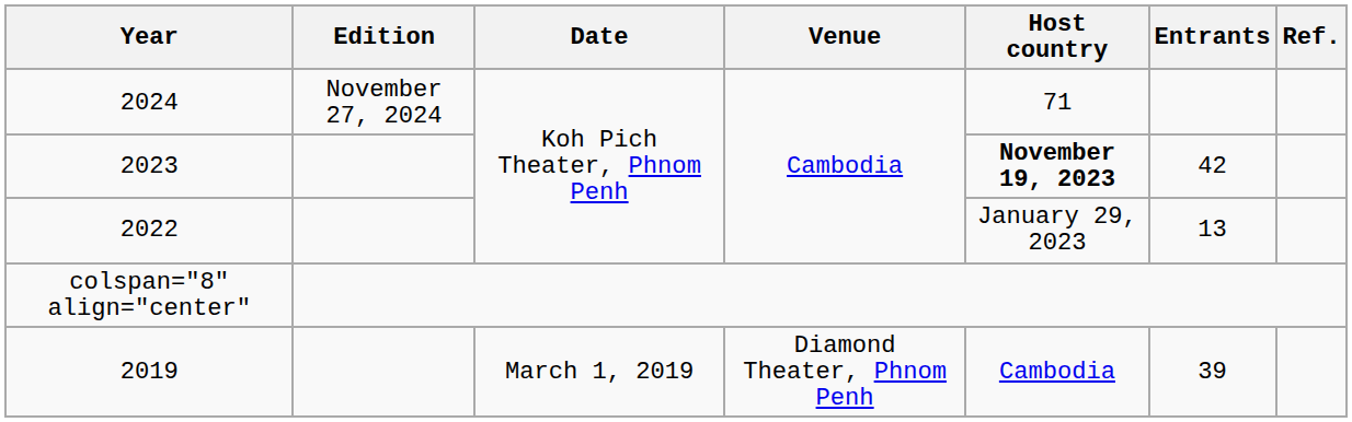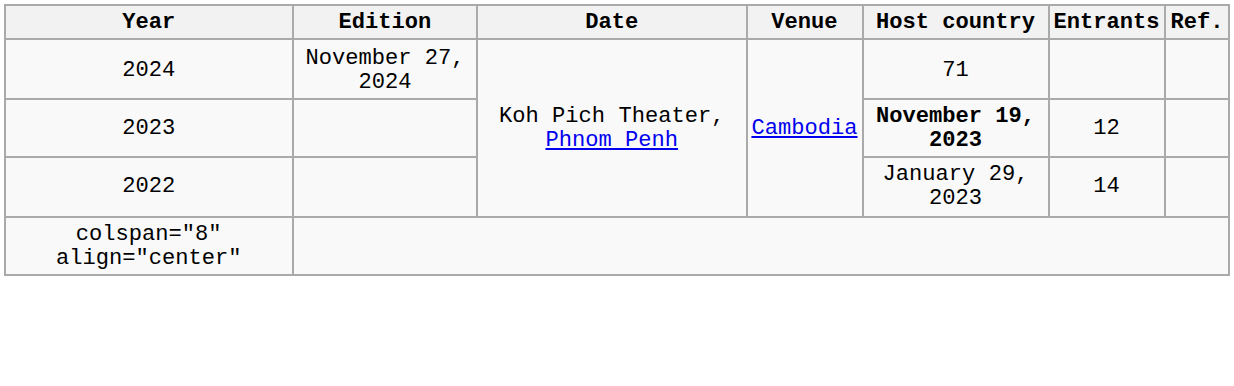 <table class="wikitable sortable" style="font-size: 85%; text-align:center;">
 <tr>
 <th>Year</th>
 <th>Edition</th>
 <th>Date</th>
 <th>Venue</th>
 <th>Host country</th>
 <th>Entrants</th>
 <th>Ref.</th>
 </tr>
 <tr>
 <td>2024</td>
 <td>November 27, 2024</td>
 <td rowspan="3">Koh Pich Theater, <a href='#'>Phnom Penh</a></td>
 <td rowspan="3"><a href='#'>Cambodia</a></td>
 <td>71</td>
 <td></td>
 </tr>
 <tr>
 <td align="center">2023</td>
 <td align="center"></td>
 <td><strong>November 19, 2023</strong></td>
-<td align="center">42</td>
+<td align="center">12</td>
 <td align="center"></td>
 </tr>
 <tr>
 <td align="center">2022</td>
 <td align="center"></td>
 <td>January 29, 2023</td>
-<td Align="center">13</td>
+<td Align="center">14</td>
 <td align="center"></td>
 </tr>
 <tr>
 <td>colspan="8" align="center" </td>
 </tr>
-<tr>
-<td>2019</td>
-<td></td>
-<td>March 1, 2019</td>
-<td>Diamond Theater, <a href='#'>Phnom Penh</a></td>
-<td><a href='#'>Cambodia</a></td>
-<td>39</td>
-<td></td>
-</tr>
 </table>
